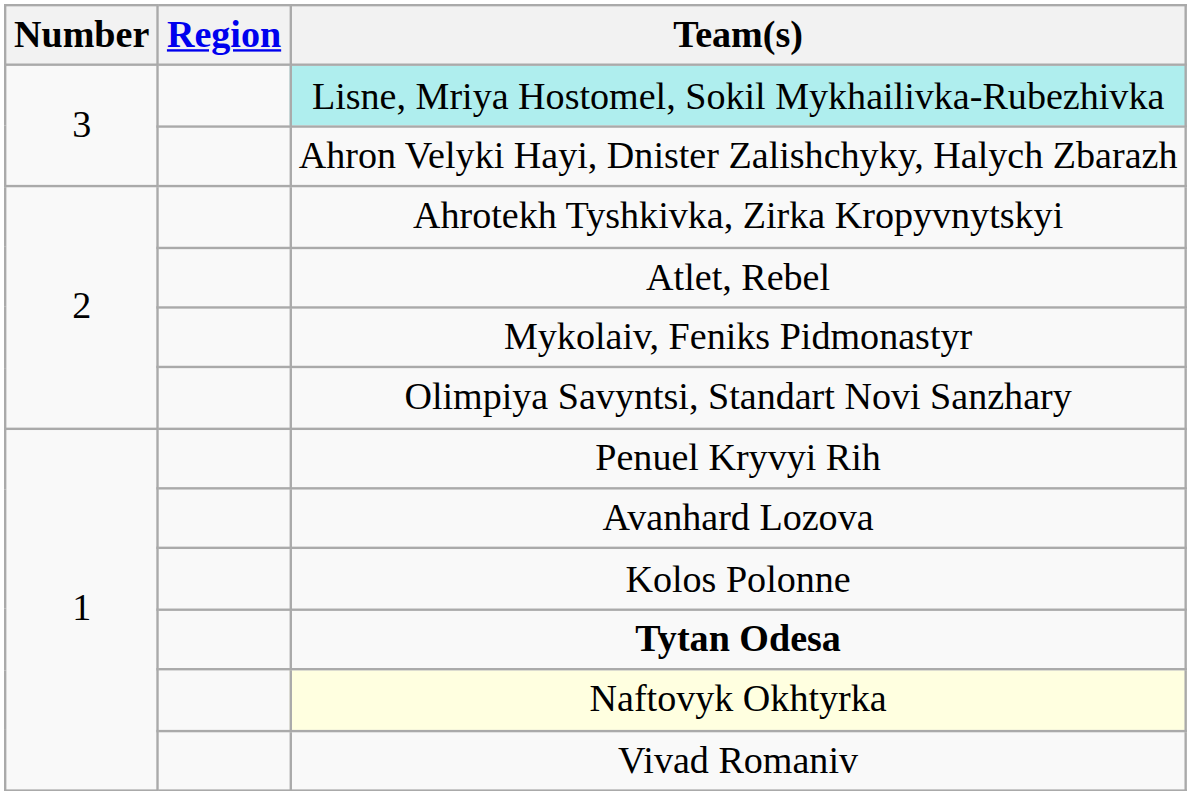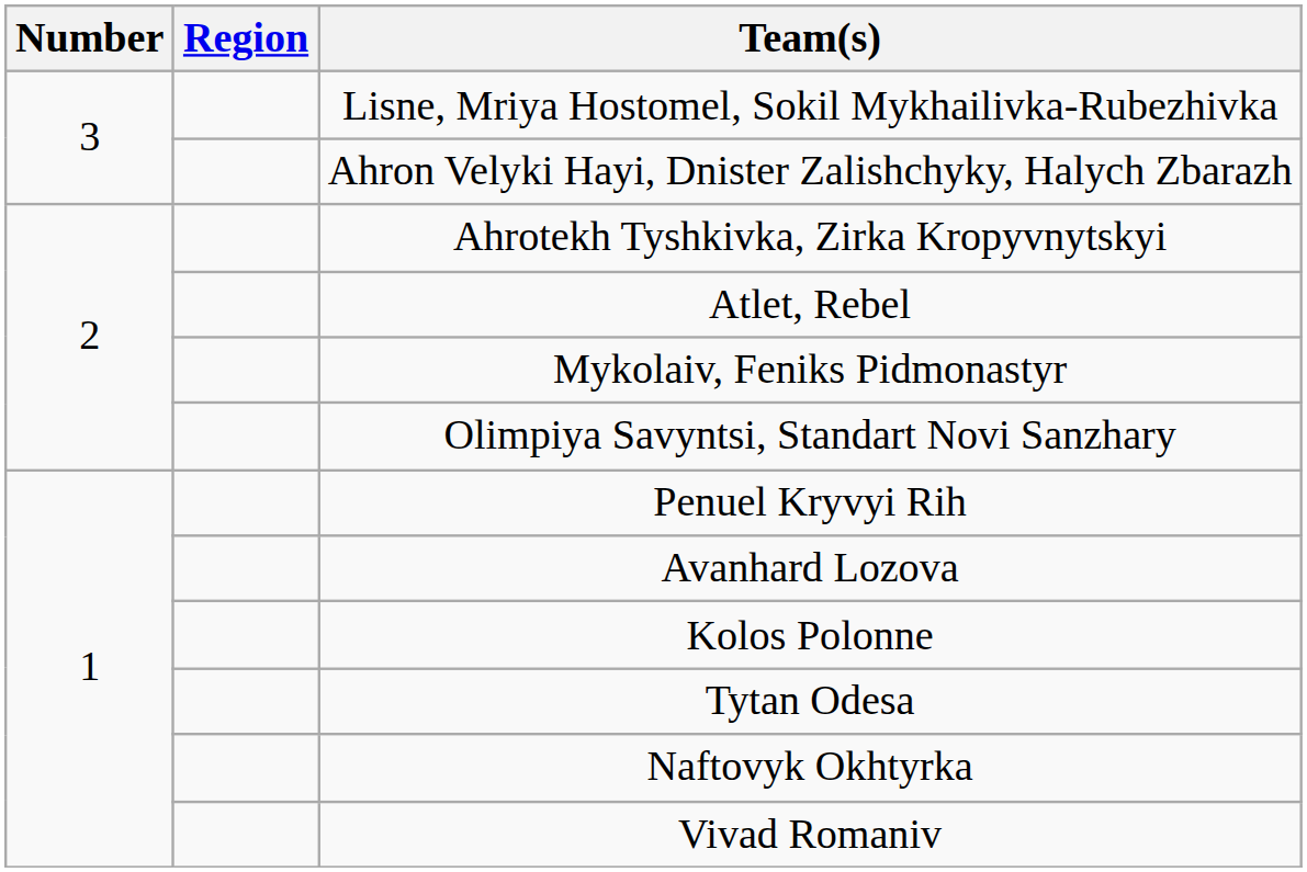 <table class="wikitable" style="text-align:center">
 <tr>
 <th>Number</th>
 <th><a href='#'>Region</a></th>
 <th>Team(s)</th>
 </tr>
 <tr>
 <td rowspan="2">3</td>
 <td align="left"></td>
-<td style="background: paleturquoise;">Lisne, Mriya Hostomel, Sokil Mykhailivka-Rubezhivka</td>
+<td>Lisne, Mriya Hostomel, Sokil Mykhailivka-Rubezhivka</td>
 </tr>
 <tr>
 <td align="left"></td>
 <td>Ahron Velyki Hayi, Dnister Zalishchyky, Halych Zbarazh</td>
 </tr>
 <tr>
 <td rowspan="4">2</td>
 <td align="left"></td>
 <td>Ahrotekh Tyshkivka, Zirka Kropyvnytskyi</td>
 </tr>
 <tr>
 <td align="left"></td>
 <td>Atlet, Rebel</td>
 </tr>
 <tr>
 <td align="left"></td>
 <td>Mykolaiv, Feniks Pidmonastyr</td>
 </tr>
 <tr>
 <td align="left"></td>
 <td>Olimpiya Savyntsi, Standart Novi Sanzhary</td>
 </tr>
 <tr>
 <td rowspan="13">1</td>
 <td align="left"></td>
 <td>Penuel Kryvyi Rih</td>
 </tr>
 <tr>
 <td align="left"></td>
 <td>Avanhard Lozova</td>
 </tr>
 <tr>
 <td align="left"></td>
 <td>Kolos Polonne</td>
 </tr>
 <tr>
 <td align="left"></td>
-<td><strong>Tytan Odesa</strong></td>
+<td>Tytan Odesa</td>
 </tr>
 <tr>
 <td align="left"></td>
-<td style="background: lightyellow;">Naftovyk Okhtyrka</td>
+<td>Naftovyk Okhtyrka</td>
 </tr>
 <tr>
 <td align="left"></td>
 <td>Vivad Romaniv</td>
 </tr>
 </table>
